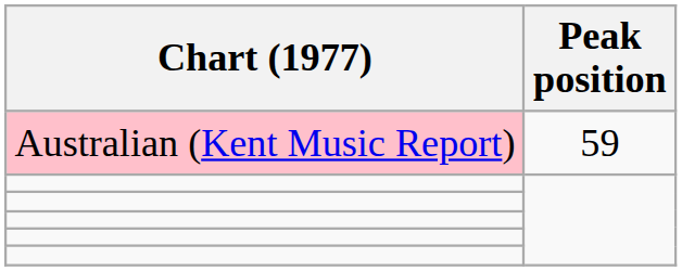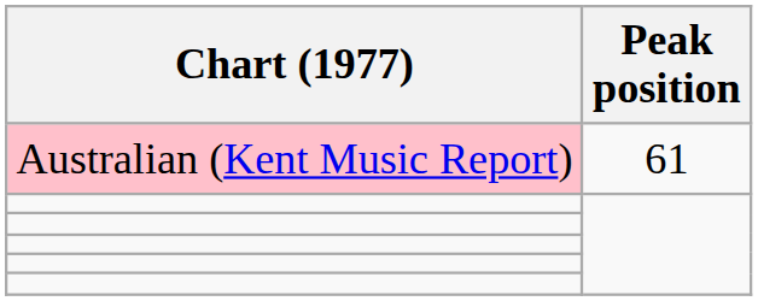 <table class="wikitable sortable">
 <tr>
 <th>Chart (1977)</th>
 <th>Peak<br>position</th>
 </tr>
 <tr>
 <td style="background: pink;">Australian (<a href='#'>Kent Music Report</a>)</td>
-<td align="center">59</td>
+<td align="center">61</td>
 </tr>
 <tr>
 <td></td>
 </tr>
 <tr>
 <td></td>
 </tr>
 <tr>
 <td></td>
 </tr>
 <tr>
 <td></td>
 </tr>
 <tr>
 <td></td>
 </tr>
 </table>
